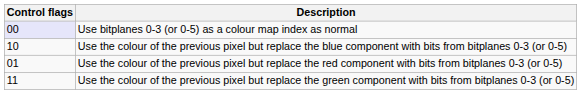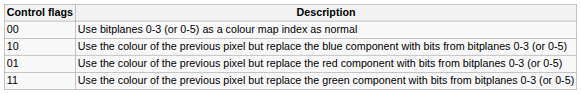 <table class="wikitable">
 <tr>
 <th>Control flags</th>
 <th>Description</th>
 </tr>
 <tr>
-<td style="background: lavender;">00</td>
+<td>00</td>
 <td>Use bitplanes 0-3 (or 0-5) as a colour map index as normal</td>
 </tr>
 <tr>
 <td>10</td>
 <td>Use the colour of the previous pixel but replace the blue component with bits from bitplanes 0-3 (or 0-5)</td>
 </tr>
 <tr>
 <td>01</td>
 <td>Use the colour of the previous pixel but replace the red component with bits from bitplanes 0-3 (or 0-5)</td>
 </tr>
 <tr>
 <td>11</td>
 <td>Use the colour of the previous pixel but replace the green component with bits from bitplanes 0-3 (or 0-5)</td>
 </tr>
 </table>
